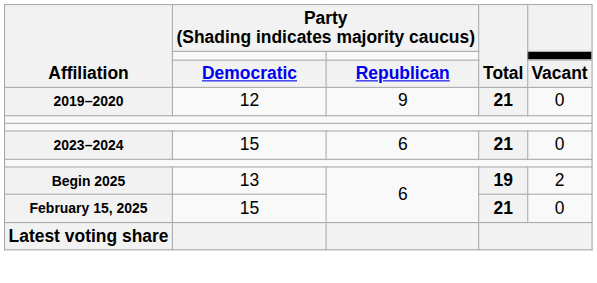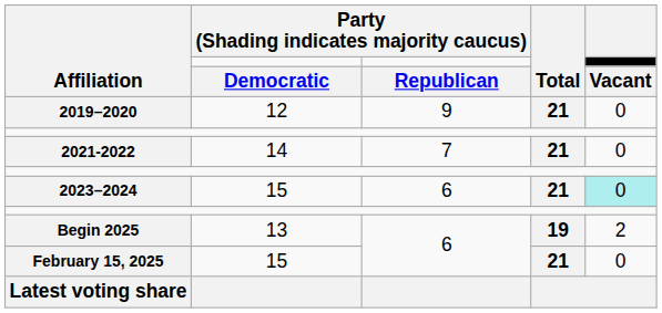 <table class=wikitable style="text-align:center">
 <tr style="vertical-align:bottom;">
 <th rowspan=3>Affiliation</th>
 <th colspan=2>Party <div>(Shading indicates majority caucus)</div></th>
 <th rowspan=3>Total</th>
 <th></th>
 </tr>
 <tr style="height:5px">
 <td style="background-color:"></td>
 <td style="background-color:"></td>
 <td style="background-color:black"></td>
 </tr>
 <tr>
 <th><a href='#'>Democratic</a></th>
 <th><a href='#'>Republican</a></th>
 <th>Vacant</th>
 </tr>
 <tr>
 <th nowrap style="font-size:80%">2019–2020</th>
 <td>12</td>
 <td>9</td>
 <th>21</th>
 <td>0</td>
 </tr>
 <tr>
 <td colspan=5></td>
 </tr>
 <tr>
+<th nowrap style="font-size:80%">2021-2022</th>
+<td>14</td>
+<td>7</td>
+<th>21</th>
+<td>0</td>
+</tr>
+<tr>
 <td colspan=5></td>
 </tr>
 <tr>
 <th nowrap style="font-size:80%">2023–2024</th>
 <td>15</td>
 <td>6</td>
 <th>21</th>
-<td>0</td>
+<td style="background: paleturquoise;">0</td>
 </tr>
 <tr>
 <td colspan=5></td>
 </tr>
 <tr>
 <th nowrap style="font-size:80%">Begin 2025</th>
 <td>13</td>
 <td rowspan=2>6</td>
 <th>19</th>
 <td>2</td>
 </tr>
 <tr>
 <th nowrap style="font-size:80%">February 15, 2025</th>
 <td>15</td>
 <th>21</th>
 <td>0</td>
 </tr>
 <tr>
 <th>Latest voting share</th>
 <th></th>
 <th></th>
 <th colspan=2></th>
 </tr>
 </table>
